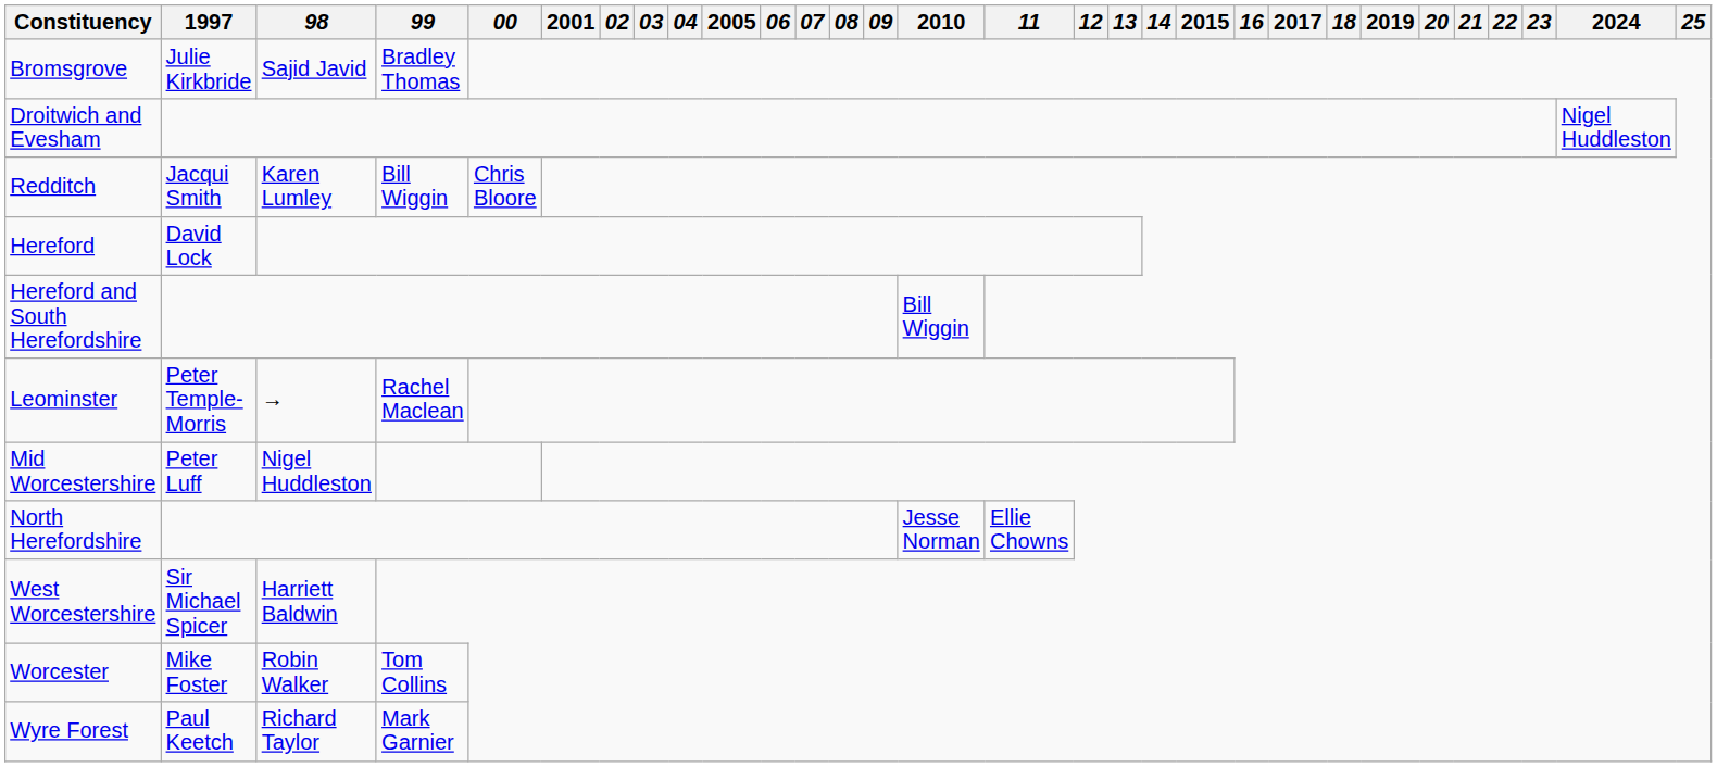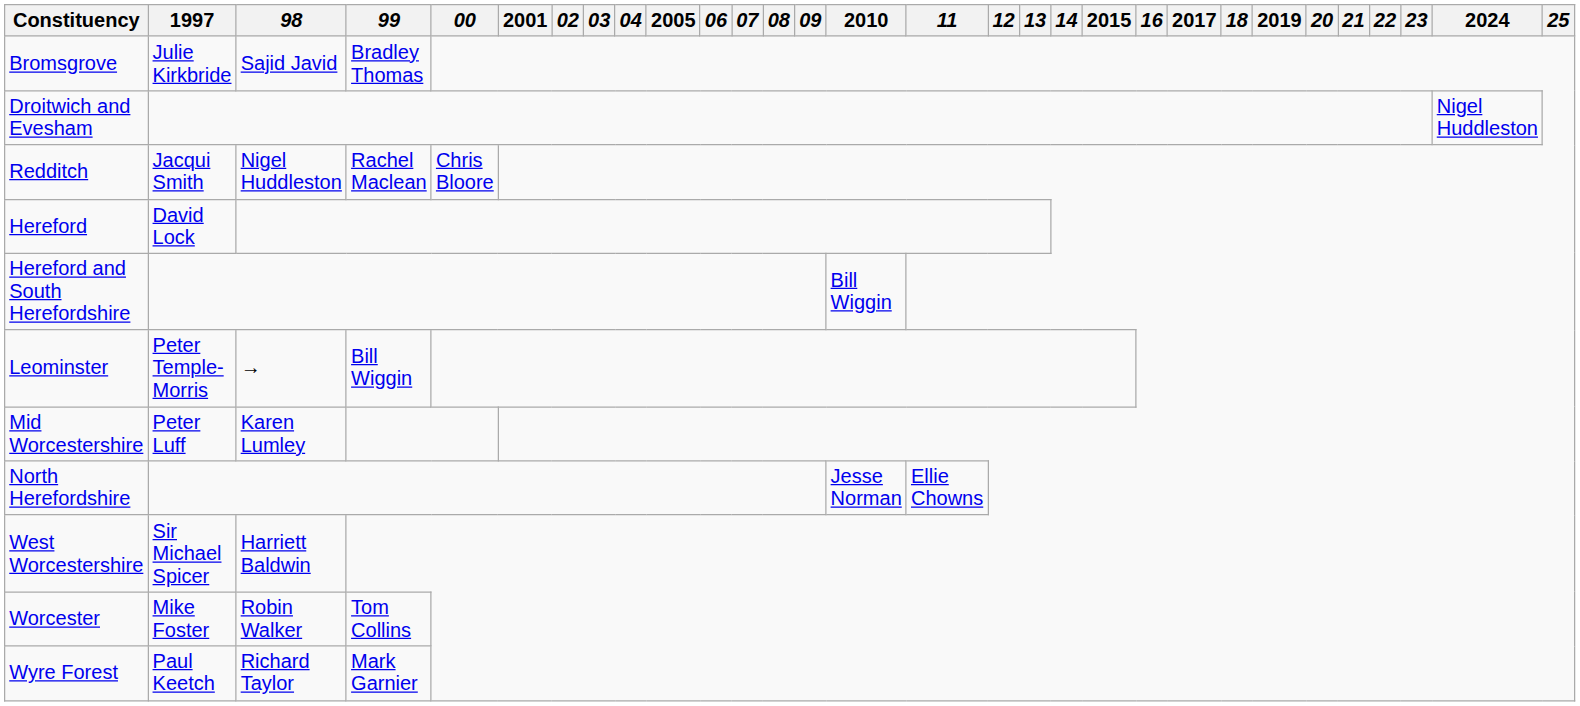 <table class="wikitable">
 <tr>
 <th>Constituency</th>
 <th>1997</th>
 <th><em>98</em></th>
 <th><em>99</em></th>
 <th><em>00</em></th>
 <th>2001</th>
 <th><em>02</em></th>
 <th><em>03</em></th>
 <th><em>04</em></th>
 <th>2005</th>
 <th><em>06</em></th>
 <th><em>07</em></th>
 <th><em>08</em></th>
 <th><em>09</em></th>
 <th>2010</th>
 <th><em>11</em></th>
 <th><em>12</em></th>
 <th><em>13</em></th>
 <th><em>14</em></th>
 <th>2015</th>
 <th><em>16</em></th>
 <th>2017</th>
 <th><em>18</em></th>
 <th>2019</th>
 <th><em>20</em></th>
 <th><em>21</em></th>
 <th><em>22</em></th>
 <th><em>23</em></th>
 <th>2024</th>
 <th><em>25</em></th>
 </tr>
 <tr>
 <td><a href='#'>Bromsgrove</a></td>
 <td><a href='#'>Julie Kirkbride</a></td>
 <td><a href='#'>Sajid Javid</a></td>
 <td><a href='#'>Bradley Thomas</a></td>
 </tr>
 <tr>
 <td><a href='#'>Droitwich and Evesham</a></td>
 <td colspan="27"></td>
 <td><a href='#'>Nigel Huddleston</a></td>
 </tr>
 <tr>
 <td><a href='#'>Redditch</a></td>
 <td><a href='#'>Jacqui Smith</a></td>
-<td><a href='#'>Karen Lumley</a></td>
-<td><a href='#'>Bill Wiggin</a></td>
+<td><a href='#'>Nigel Huddleston</a></td>
+<td><a href='#'>Rachel Maclean</a></td>
 <td><a href='#'>Chris Bloore</a></td>
 </tr>
 <tr>
 <td><a href='#'>Hereford</a></td>
 <td><a href='#'>David Lock</a></td>
 <td colspan="16"></td>
 </tr>
 <tr>
 <td><a href='#'>Hereford and South Herefordshire</a></td>
 <td colspan="13"></td>
 <td><a href='#'>Bill Wiggin</a></td>
 </tr>
 <tr>
 <td><a href='#'>Leominster</a></td>
 <td><a href='#'>Peter Temple-Morris</a></td>
 <td>→</td>
-<td><a href='#'>Rachel Maclean</a></td>
+<td><a href='#'>Bill Wiggin</a></td>
 <td colspan="16"></td>
 </tr>
 <tr>
 <td><a href='#'>Mid Worcestershire</a></td>
 <td><a href='#'>Peter Luff</a></td>
-<td><a href='#'>Nigel Huddleston</a></td>
+<td><a href='#'>Karen Lumley</a></td>
 <td colspan="2"></td>
 </tr>
 <tr>
 <td><a href='#'>North Herefordshire</a></td>
 <td colspan="13"></td>
 <td><a href='#'>Jesse Norman</a></td>
 <td><a href='#'>Ellie Chowns</a></td>
 </tr>
 <tr>
 <td><a href='#'>West Worcestershire</a></td>
 <td><a href='#'>Sir Michael Spicer</a></td>
 <td><a href='#'>Harriett Baldwin</a></td>
 </tr>
 <tr>
 <td><a href='#'>Worcester</a></td>
 <td><a href='#'>Mike Foster</a></td>
 <td><a href='#'>Robin Walker</a></td>
 <td><a href='#'>Tom Collins</a></td>
 </tr>
 <tr>
 <td><a href='#'>Wyre Forest</a></td>
 <td><a href='#'>Paul Keetch</a></td>
 <td><a href='#'>Richard Taylor</a></td>
 <td><a href='#'>Mark Garnier</a></td>
 </tr>
 </table>
